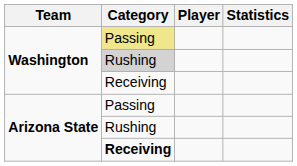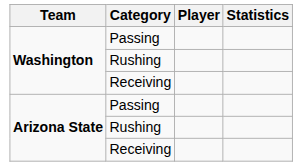 <table class="wikitable" style="float: right;">
 <tr>
 <th>Team</th>
 <th>Category</th>
 <th>Player</th>
 <th>Statistics</th>
 </tr>
 <tr>
 <td rowspan=3><strong>Washington</strong></td>
-<td style="background: khaki;">Passing</td>
+<td>Passing</td>
 <td></td>
 <td></td>
 </tr>
 <tr>
-<td style="background: lightgrey;">Rushing</td>
+<td>Rushing</td>
 <td></td>
 <td></td>
 </tr>
 <tr>
 <td>Receiving</td>
 <td></td>
 <td></td>
 </tr>
 <tr>
 <td rowspan=3><strong>Arizona State</strong></td>
 <td>Passing</td>
 <td></td>
 <td></td>
 </tr>
 <tr>
 <td>Rushing</td>
 <td></td>
 <td></td>
 </tr>
 <tr>
-<td><strong>Receiving</strong></td>
+<td>Receiving</td>
 <td></td>
 <td></td>
 </tr>
 </table>
